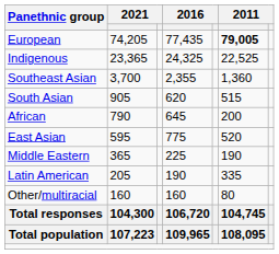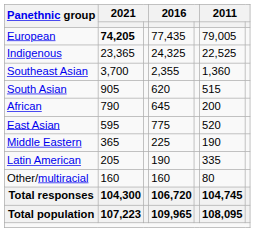 <table class="wikitable collapsible sortable">
 <tr>
 <th rowspan="2"><a href='#'>Panethnic</a> group</th>
 <th colspan="2">2021</th>
 <th colspan="2">2016</th>
 <th colspan="2">2011</th>
 </tr>
 <tr>
 <th><a href='#'></a></th>
 <th></th>
 <th></th>
 <th></th>
 <th></th>
 <th></th>
 </tr>
 <tr>
 <td><a href='#'>European</a></td>
-<td>74,205</td>
+<td><strong>74,205</strong></td>
 <td></td>
 <td>77,435</td>
 <td></td>
-<td><strong>79,005</strong></td>
+<td>79,005</td>
 <td></td>
 </tr>
 <tr>
 <td><a href='#'>Indigenous</a></td>
 <td>23,365</td>
 <td></td>
 <td>24,325</td>
 <td></td>
 <td>22,525</td>
 <td></td>
 </tr>
 <tr>
 <td><a href='#'>Southeast Asian</a></td>
 <td>3,700</td>
 <td></td>
 <td>2,355</td>
 <td></td>
 <td>1,360</td>
 <td></td>
 </tr>
 <tr>
 <td><a href='#'>South Asian</a></td>
 <td>905</td>
 <td></td>
 <td>620</td>
 <td></td>
 <td>515</td>
 <td></td>
 </tr>
 <tr>
 <td><a href='#'>African</a></td>
 <td>790</td>
 <td></td>
 <td>645</td>
 <td></td>
 <td>200</td>
 <td></td>
 </tr>
 <tr>
 <td><a href='#'>East Asian</a></td>
 <td>595</td>
 <td></td>
 <td>775</td>
 <td></td>
 <td>520</td>
 <td></td>
 </tr>
 <tr>
 <td><a href='#'>Middle Eastern</a></td>
 <td>365</td>
 <td></td>
 <td>225</td>
 <td></td>
 <td>190</td>
 <td></td>
 </tr>
 <tr>
 <td><a href='#'>Latin American</a></td>
 <td>205</td>
 <td></td>
 <td>190</td>
 <td></td>
 <td>335</td>
 <td></td>
 </tr>
 <tr>
 <td>Other/<a href='#'>multiracial</a></td>
 <td>160</td>
 <td></td>
 <td>160</td>
 <td></td>
 <td>80</td>
 <td></td>
 </tr>
 <tr>
 <th>Total responses</th>
 <th>104,300</th>
 <th></th>
 <th>106,720</th>
 <th></th>
 <th>104,745</th>
 <th></th>
 </tr>
 <tr class="sortbottom">
 <th>Total population</th>
 <th>107,223</th>
 <th></th>
 <th>109,965</th>
 <th></th>
 <th>108,095</th>
 <th></th>
 </tr>
 <tr class="sortbottom">
 <td colspan="15"></td>
 </tr>
 </table>
